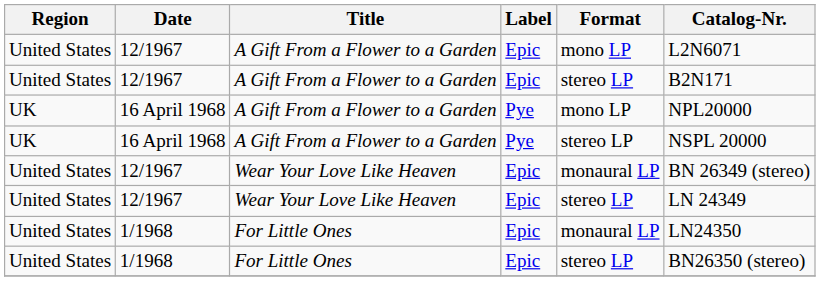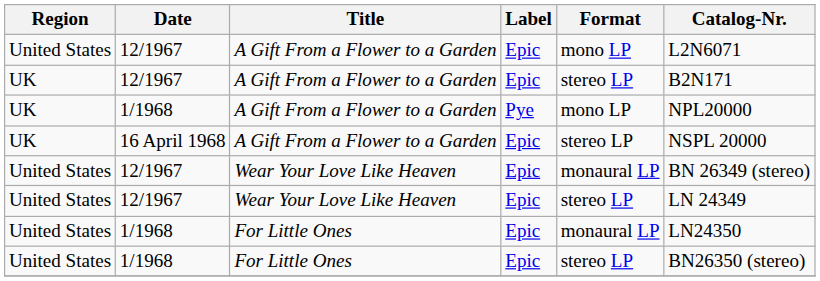 <table class="wikitable">
 <tr>
 <th>Region</th>
 <th>Date</th>
 <th>Title</th>
 <th>Label</th>
 <th>Format</th>
 <th>Catalog-Nr.</th>
 </tr>
 <tr>
 <td>United States</td>
 <td>12/1967</td>
 <td><em>A Gift From a Flower to a Garden</em></td>
 <td><a href='#'>Epic</a></td>
 <td>mono <a href='#'>LP</a></td>
 <td>L2N6071</td>
 </tr>
 <tr>
-<td>United States</td>
+<td>UK</td>
 <td>12/1967</td>
 <td><em>A Gift From a Flower to a Garden</em></td>
 <td><a href='#'>Epic</a></td>
 <td>stereo <a href='#'>LP</a></td>
 <td>B2N171</td>
 </tr>
 <tr>
 <td>UK</td>
-<td>16 April 1968</td>
+<td>1/1968</td>
 <td><em>A Gift From a Flower to a Garden</em></td>
 <td><a href='#'>Pye</a></td>
 <td>mono LP</td>
 <td>NPL20000</td>
 </tr>
 <tr>
 <td>UK</td>
 <td>16 April 1968</td>
 <td><em>A Gift From a Flower to a Garden</em></td>
-<td><a href='#'>Pye</a></td>
+<td><a href='#'>Epic</a></td>
 <td>stereo LP</td>
 <td>NSPL 20000</td>
 </tr>
 <tr>
 <td>United States</td>
 <td>12/1967</td>
 <td><em>Wear Your Love Like Heaven</em></td>
 <td><a href='#'>Epic</a></td>
 <td>monaural <a href='#'>LP</a></td>
 <td>BN 26349 (stereo)</td>
 </tr>
 <tr>
 <td>United States</td>
 <td>12/1967</td>
 <td><em>Wear Your Love Like Heaven</em></td>
 <td><a href='#'>Epic</a></td>
 <td>stereo <a href='#'>LP</a></td>
 <td>LN 24349</td>
 </tr>
 <tr>
 <td>United States</td>
 <td>1/1968</td>
 <td><em>For Little Ones</em></td>
 <td><a href='#'>Epic</a></td>
 <td>monaural <a href='#'>LP</a></td>
 <td>LN24350</td>
 </tr>
 <tr>
 <td>United States</td>
 <td>1/1968</td>
 <td><em>For Little Ones</em></td>
 <td><a href='#'>Epic</a></td>
 <td>stereo <a href='#'>LP</a></td>
 <td>BN26350 (stereo)</td>
 </tr>
 <tr>
 </tr>
 </table>
